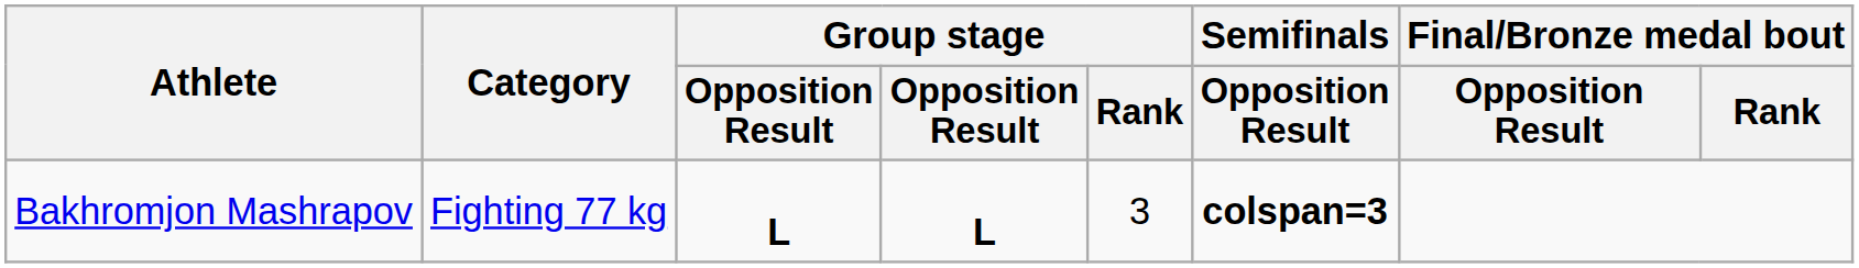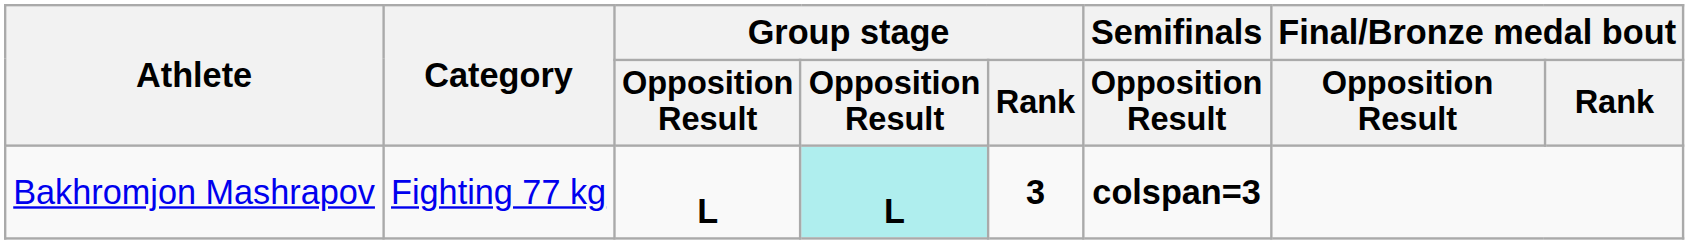 <table class="wikitable" style="text-align:center; font-size:90%">
 <tr>
 <th rowspan=2>Athlete</th>
 <th rowspan=2>Category</th>
 <th colspan=3>Group stage</th>
 <th>Semifinals</th>
 <th colspan=2>Final/Bronze medal bout</th>
 </tr>
 <tr style="font-size:95%">
 <th>Opposition<br>Result</th>
 <th>Opposition<br>Result</th>
 <th>Rank</th>
 <th>Opposition<br>Result</th>
 <th>Opposition<br>Result</th>
 <th>Rank</th>
 </tr>
 <tr>
 <td align=left><a href='#'>Bakhromjon Mashrapov</a></td>
 <td align=left><a href='#'>Fighting 77 kg</a></td>
 <td><br> <strong>L</strong> </td>
-<td><br> <strong>L</strong> </td>
-<td>3</td>
+<td style="background: paleturquoise;"><br> <strong>L</strong> </td>
+<td><strong>3</strong></td>
 <td><strong>colspan=3 </strong></td>
 </tr>
 </table>
